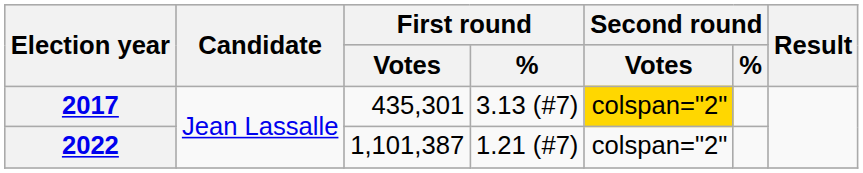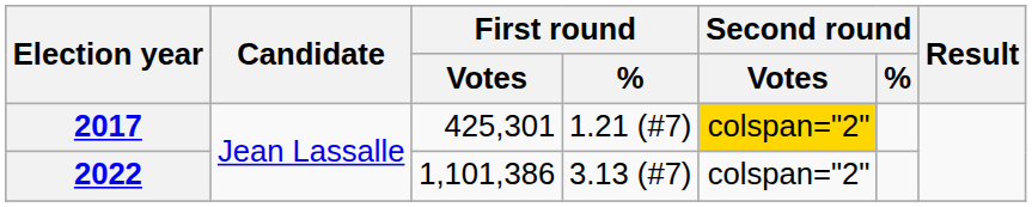 <table class="wikitable" style="text-align:right;">
 <tr>
 <th rowspan="2">Election year</th>
 <th rowspan="2">Candidate</th>
 <th colspan="2">First round</th>
 <th colspan="2">Second round</th>
 <th rowspan="2">Result</th>
 </tr>
 <tr>
 <th>Votes</th>
 <th>%</th>
 <th>Votes</th>
 <th>%</th>
 </tr>
 <tr>
 <th><a href='#'>2017</a></th>
 <td rowspan="2" align="left"><a href='#'>Jean Lassalle</a></td>
-<td>435,301</td>
-<td>3.13 (#7)</td>
+<td>425,301</td>
+<td>1.21 (#7)</td>
 <td style="background: gold;">colspan="2" </td>
 <td></td>
 </tr>
 <tr>
 <th><a href='#'>2022</a></th>
-<td>1,101,387</td>
-<td>1.21 (#7)</td>
+<td>1,101,386</td>
+<td>3.13 (#7)</td>
 <td>colspan="2" </td>
 <td></td>
 </tr>
 </table>
